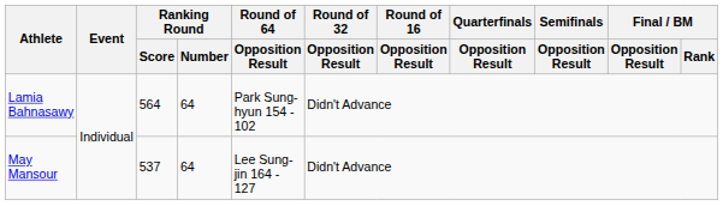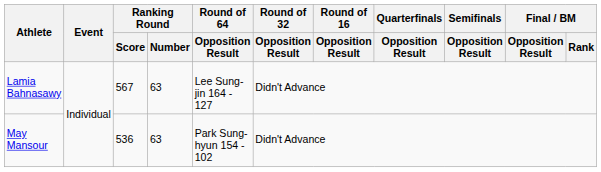 <table class="wikitable">
 <tr>
 <th rowspan="2">Athlete</th>
 <th rowspan="2">Event</th>
 <th colspan="2">Ranking Round</th>
 <th>Round of 64</th>
 <th>Round of 32</th>
 <th>Round of 16</th>
 <th>Quarterfinals</th>
 <th>Semifinals</th>
 <th colspan="2">Final / <abbr>BM</abbr></th>
 </tr>
 <tr>
 <th>Score</th>
 <th>Number</th>
 <th>Opposition<br>Result</th>
 <th>Opposition<br>Result</th>
 <th>Opposition<br>Result</th>
 <th>Opposition<br>Result</th>
 <th>Opposition<br>Result</th>
 <th>Opposition<br>Result</th>
 <th>Rank</th>
 </tr>
 <tr>
 <td><a href='#'>Lamia Bahnasawy</a></td>
 <td rowspan="2">Individual</td>
-<td>564</td>
-<td>64</td>
-<td><br>Park Sung-hyun 154 - 102</td>
+<td>567</td>
+<td>63</td>
+<td><br>Lee Sung-jin 164 - 127</td>
 <td colspan="6">Didn't Advance</td>
 </tr>
 <tr>
 <td><a href='#'>May Mansour</a></td>
-<td>537</td>
-<td>64</td>
-<td><br>Lee Sung-jin 164 - 127</td>
+<td>536</td>
+<td>63</td>
+<td><br>Park Sung-hyun 154 - 102</td>
 <td colspan="6">Didn't Advance</td>
 </tr>
 </table>
